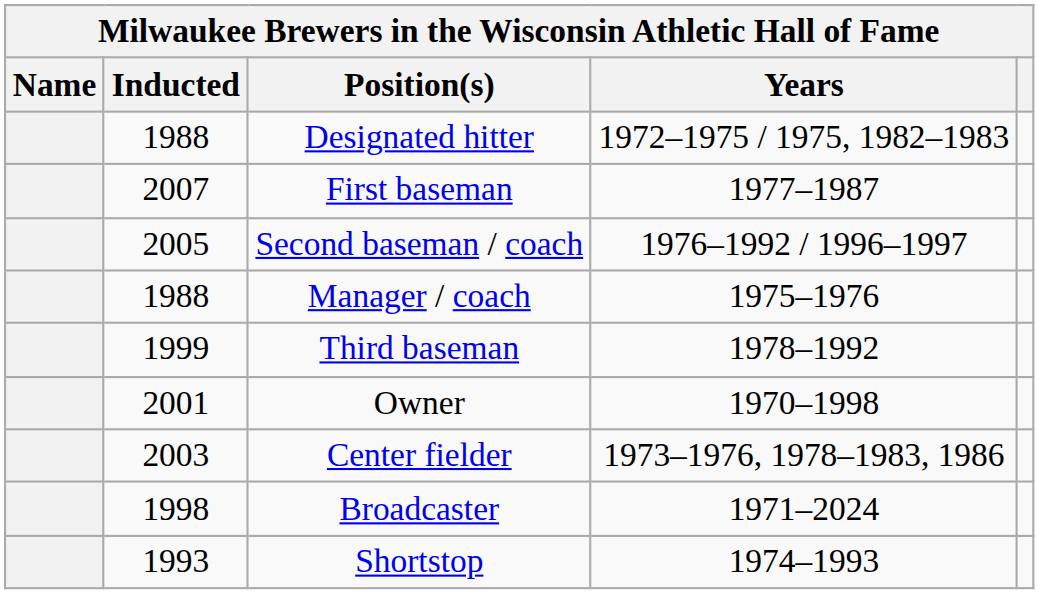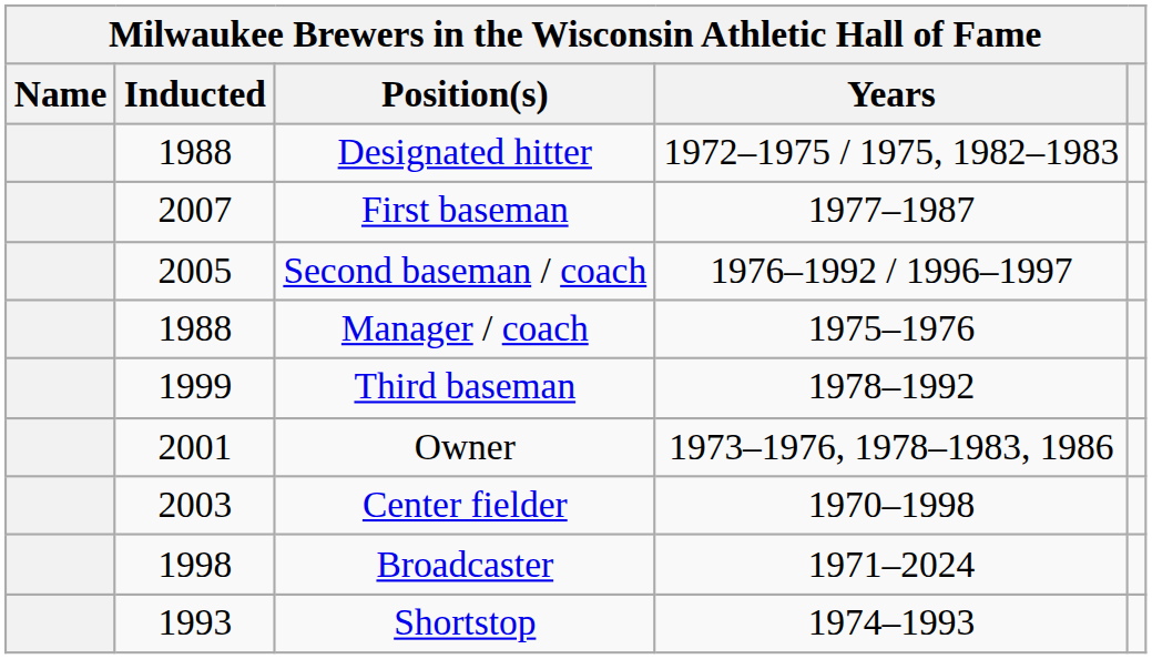 <table class="wikitable sortable plainrowheaders" style="text-align:center">
 <tr>
 <th colspan="6">Milwaukee Brewers in the Wisconsin Athletic Hall of Fame</th>
 </tr>
 <tr>
 <th>Name</th>
 <th>Inducted</th>
 <th>Position(s)</th>
 <th>Years</th>
 <th></th>
 </tr>
 <tr>
 <th scope="row" style="text-align:center"></th>
 <td>1988</td>
 <td><a href='#'>Designated hitter</a></td>
 <td>1972–1975 / 1975, 1982–1983</td>
 <td></td>
 </tr>
 <tr>
 <th scope="row" style="text-align:center"></th>
 <td>2007</td>
 <td><a href='#'>First baseman</a></td>
 <td>1977–1987</td>
 <td></td>
 </tr>
 <tr>
 <th scope="row" style="text-align:center"></th>
 <td>2005</td>
 <td><a href='#'>Second baseman</a> / <a href='#'>coach</a></td>
 <td>1976–1992 / 1996–1997</td>
 <td></td>
 </tr>
 <tr>
 <th scope="row" style="text-align:center"></th>
 <td>1988</td>
 <td><a href='#'>Manager</a> / <a href='#'>coach</a></td>
 <td>1975–1976</td>
 <td></td>
 </tr>
 <tr>
 <th scope="row" style="text-align:center"></th>
 <td>1999</td>
 <td><a href='#'>Third baseman</a></td>
 <td>1978–1992</td>
 <td></td>
 </tr>
 <tr>
 <th scope="row" style="text-align:center"></th>
 <td>2001</td>
 <td>Owner</td>
-<td>1970–1998</td>
+<td>1973–1976, 1978–1983, 1986</td>
 <td></td>
 </tr>
 <tr>
 <th scope="row" style="text-align:center"></th>
 <td>2003</td>
 <td><a href='#'>Center fielder</a></td>
-<td>1973–1976, 1978–1983, 1986</td>
+<td>1970–1998</td>
 <td></td>
 </tr>
 <tr>
 <th scope="row" style="text-align:center"></th>
 <td>1998</td>
 <td><a href='#'>Broadcaster</a></td>
 <td>1971–2024</td>
 <td></td>
 </tr>
 <tr>
 <th scope="row" style="text-align:center"></th>
 <td>1993</td>
 <td><a href='#'>Shortstop</a></td>
 <td>1974–1993</td>
 <td></td>
 </tr>
 </table>
